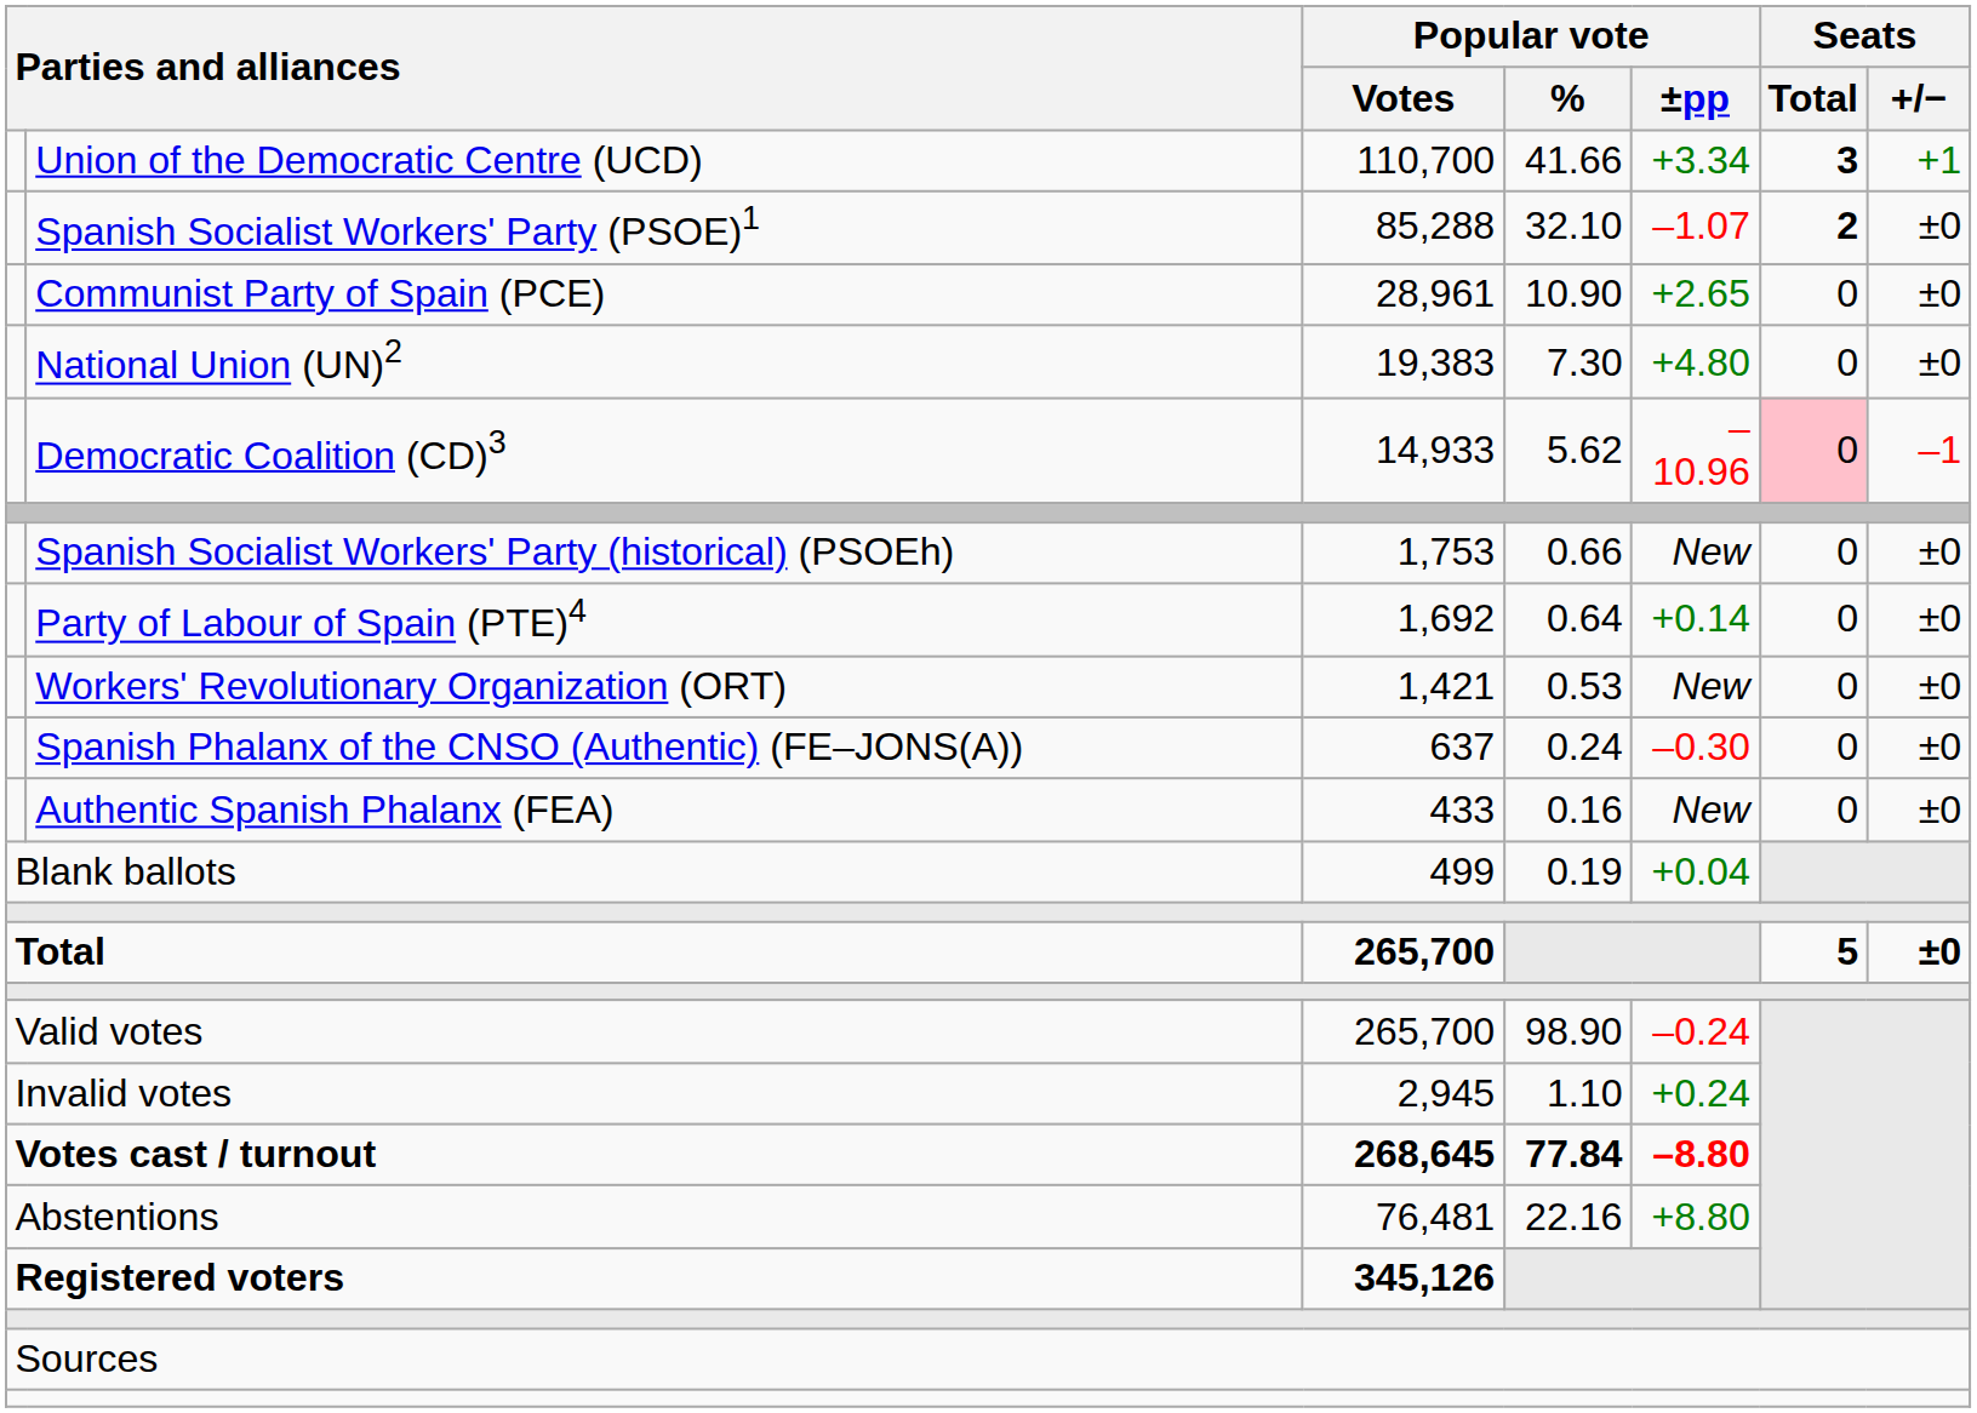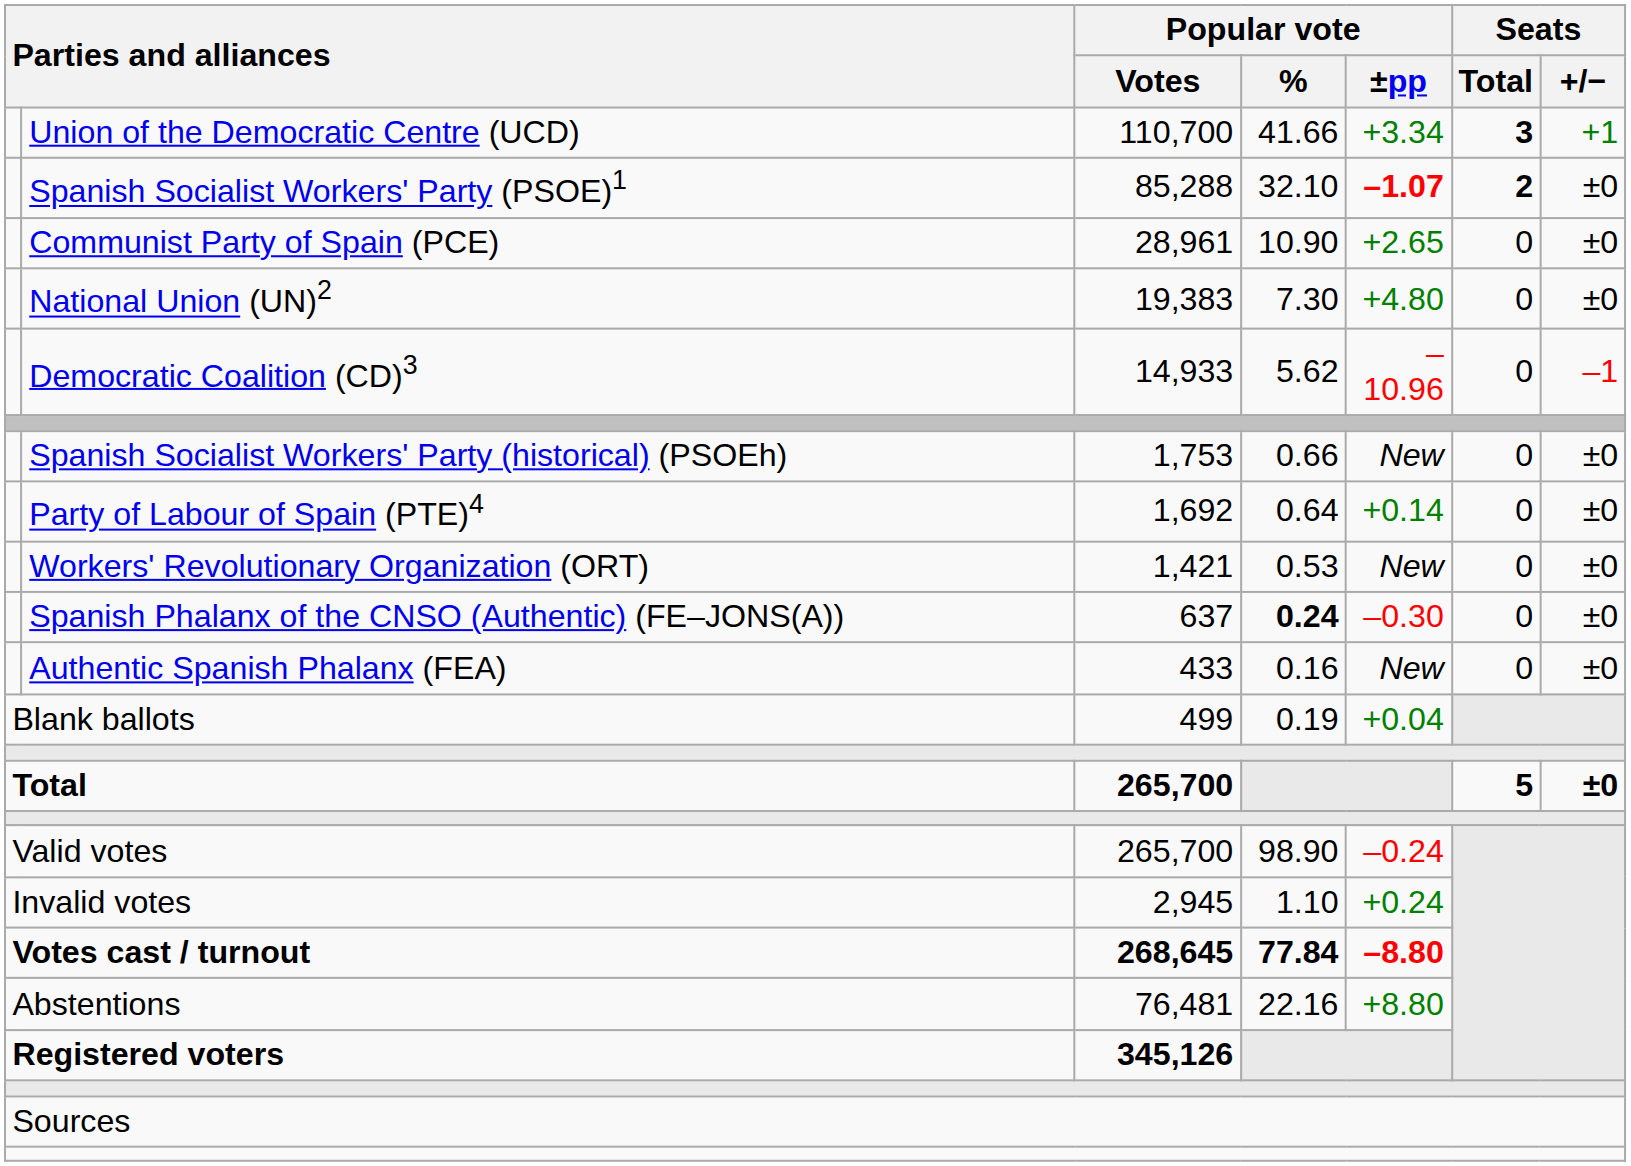 <table class="wikitable" style="text-align:right;">
 <tr>
 <th style="text-align:left;" rowspan="2" colspan="2" width="525">Parties and alliances</th>
 <th colspan="3">Popular vote</th>
 <th colspan="2">Seats</th>
 </tr>
 <tr>
 <th width="75">Votes</th>
 <th width="45">%</th>
 <th width="45">±<a href='#'>pp</a></th>
 <th width="35">Total</th>
 <th width="35">+/−</th>
 </tr>
 <tr>
 <td width="1" style="color:inherit;background:"></td>
 <td align="left"><a href='#'>Union of the Democratic Centre</a> (UCD)</td>
 <td>110,700</td>
 <td>41.66</td>
 <td style="color:green;">+3.34</td>
 <td><strong>3</strong></td>
 <td style="color:green;">+1</td>
 </tr>
 <tr>
 <td style="color:inherit;background:"></td>
 <td align="left"><a href='#'>Spanish Socialist Workers' Party</a> (PSOE)<sup>1</sup></td>
 <td>85,288</td>
 <td>32.10</td>
-<td style="color:red;">–1.07</td>
+<td style="color:red;"><strong>–1.07</strong></td>
 <td><strong>2</strong></td>
 <td>±0</td>
 </tr>
 <tr>
 <td style="color:inherit;background:"></td>
 <td align="left"><a href='#'>Communist Party of Spain</a> (PCE)</td>
 <td>28,961</td>
 <td>10.90</td>
 <td style="color:green;">+2.65</td>
 <td>0</td>
 <td>±0</td>
 </tr>
 <tr>
 <td style="color:inherit;background:"></td>
 <td align="left"><a href='#'>National Union</a> (UN)<sup>2</sup></td>
 <td>19,383</td>
 <td>7.30</td>
 <td style="color:green;">+4.80</td>
 <td>0</td>
 <td>±0</td>
 </tr>
 <tr>
 <td style="color:inherit;background:"></td>
 <td align="left"><a href='#'>Democratic Coalition</a> (CD)<sup>3</sup></td>
 <td>14,933</td>
 <td>5.62</td>
 <td style="color:red;">–10.96</td>
-<td style="background: pink;">0</td>
+<td>0</td>
 <td style="color:red;">–1</td>
 </tr>
 <tr>
 <td colspan="7" bgcolor="#C0C0C0"></td>
 </tr>
 <tr>
 <td style="color:inherit;background:"></td>
 <td align="left"><a href='#'>Spanish Socialist Workers' Party (historical)</a> (PSOEh)</td>
 <td>1,753</td>
 <td>0.66</td>
 <td><em>New</em></td>
 <td>0</td>
 <td>±0</td>
 </tr>
 <tr>
 <td style="color:inherit;background:"></td>
 <td align="left"><a href='#'>Party of Labour of Spain</a> (PTE)<sup>4</sup></td>
 <td>1,692</td>
 <td>0.64</td>
 <td style="color:green;">+0.14</td>
 <td>0</td>
 <td>±0</td>
 </tr>
 <tr>
 <td style="color:inherit;background:"></td>
 <td align="left"><a href='#'>Workers' Revolutionary Organization</a> (ORT)</td>
 <td>1,421</td>
 <td>0.53</td>
 <td><em>New</em></td>
 <td>0</td>
 <td>±0</td>
 </tr>
 <tr>
 <td style="color:inherit;background:"></td>
 <td align="left"><a href='#'>Spanish Phalanx of the CNSO (Authentic)</a> (FE–JONS(A))</td>
 <td>637</td>
-<td>0.24</td>
+<td><strong>0.24</strong></td>
 <td style="color:red;">–0.30</td>
 <td>0</td>
 <td>±0</td>
 </tr>
 <tr>
 <td style="color:inherit;background:"></td>
 <td align="left"><a href='#'>Authentic Spanish Phalanx</a> (FEA)</td>
 <td>433</td>
 <td>0.16</td>
 <td><em>New</em></td>
 <td>0</td>
 <td>±0</td>
 </tr>
 <tr>
 <td align="left" colspan="2">Blank ballots</td>
 <td>499</td>
 <td>0.19</td>
 <td style="color:green;">+0.04</td>
 <td bgcolor="#E9E9E9" colspan="2"></td>
 </tr>
 <tr>
 <td colspan="7" bgcolor="#E9E9E9"></td>
 </tr>
 <tr style="font-weight:bold;">
 <td align="left" colspan="2">Total</td>
 <td>265,700</td>
 <td bgcolor="#E9E9E9" colspan="2"></td>
 <td>5</td>
 <td>±0</td>
 </tr>
 <tr>
 <td colspan="7" bgcolor="#E9E9E9"></td>
 </tr>
 <tr>
 <td align="left" colspan="2">Valid votes</td>
 <td>265,700</td>
 <td>98.90</td>
 <td style="color:red;">–0.24</td>
 <td bgcolor="#E9E9E9" colspan="2" rowspan="5"></td>
 </tr>
 <tr>
 <td align="left" colspan="2">Invalid votes</td>
 <td>2,945</td>
 <td>1.10</td>
 <td style="color:green;">+0.24</td>
 </tr>
 <tr style="font-weight:bold;">
 <td align="left" colspan="2">Votes cast / turnout</td>
 <td>268,645</td>
 <td>77.84</td>
 <td style="color:red;">–8.80</td>
 </tr>
 <tr>
 <td align="left" colspan="2">Abstentions</td>
 <td>76,481</td>
 <td>22.16</td>
 <td style="color:green;">+8.80</td>
 </tr>
 <tr style="font-weight:bold;">
 <td align="left" colspan="2">Registered voters</td>
 <td>345,126</td>
 <td bgcolor="#E9E9E9" colspan="2"></td>
 </tr>
 <tr>
 <td colspan="7" bgcolor="#E9E9E9"></td>
 </tr>
 <tr>
 <td align="left" colspan="7">Sources</td>
 </tr>
 <tr>
 <td colspan="7" style="text-align:left; max-width:790px;"></td>
 </tr>
 </table>
